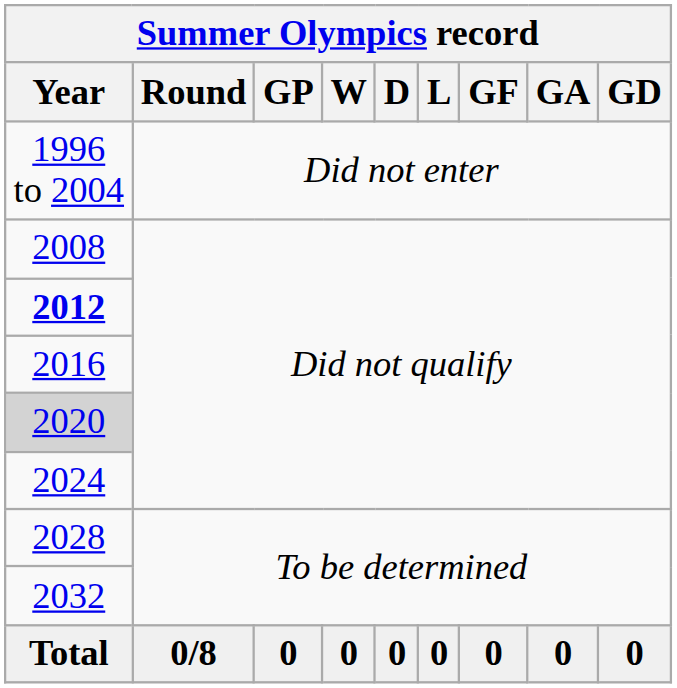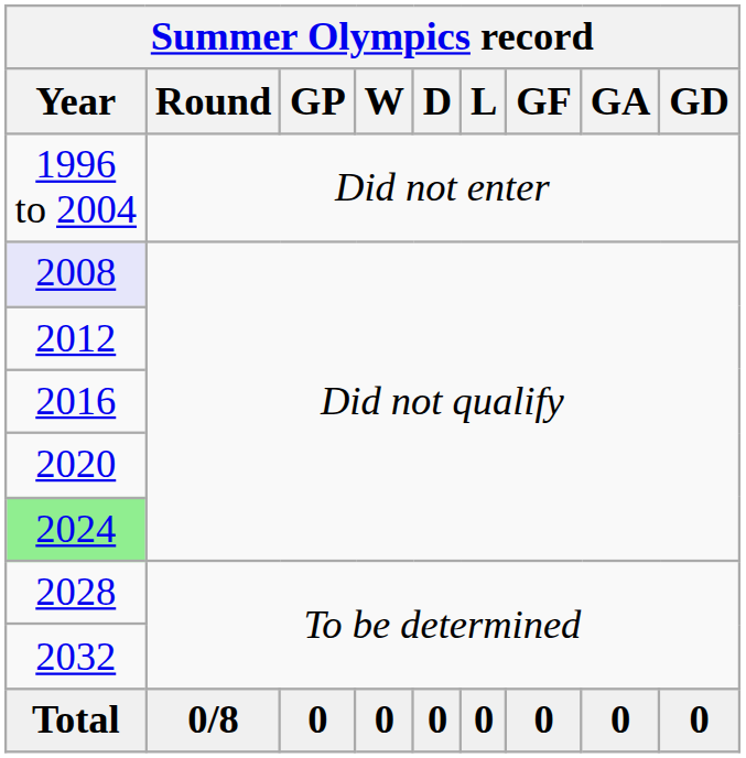 <table class="wikitable" style="text-align: center;">
 <tr>
 <th colspan=9><a href='#'>Summer Olympics</a> record</th>
 </tr>
 <tr>
 <th>Year</th>
 <th>Round</th>
 <th>GP</th>
 <th>W</th>
 <th>D</th>
 <th>L</th>
 <th>GF</th>
 <th>GA</th>
 <th>GD</th>
 </tr>
 <tr>
 <td> <a href='#'>1996</a><br>to  <a href='#'>2004</a></td>
 <td colspan=8><em>Did not enter</em></td>
 </tr>
 <tr>
-<td> <a href='#'>2008</a></td>
+<td style="background: lavender;"> <a href='#'>2008</a></td>
 <td colspan=8 rowspan=5><em>Did not qualify</em></td>
 </tr>
 <tr>
-<td><strong> <a href='#'>2012</a></strong></td>
+<td> <a href='#'>2012</a></td>
 </tr>
 <tr>
 <td> <a href='#'>2016</a></td>
 </tr>
 <tr>
-<td style="background: lightgrey;"> <a href='#'>2020</a></td>
+<td> <a href='#'>2020</a></td>
 </tr>
 <tr>
-<td> <a href='#'>2024</a></td>
+<td style="background: lightgreen;"> <a href='#'>2024</a></td>
 </tr>
 <tr>
 <td> <a href='#'>2028</a></td>
 <td colspan=8 rowspan=2><em>To be determined</em></td>
 </tr>
 <tr>
 <td> <a href='#'>2032</a></td>
 </tr>
 <tr style="background:#f0f0f0;font-weight:bold;">
 <td>Total</td>
 <td>0/8</td>
 <td>0</td>
 <td>0</td>
 <td>0</td>
 <td>0</td>
 <td>0</td>
 <td>0</td>
 <td>0</td>
 </tr>
 </table>
